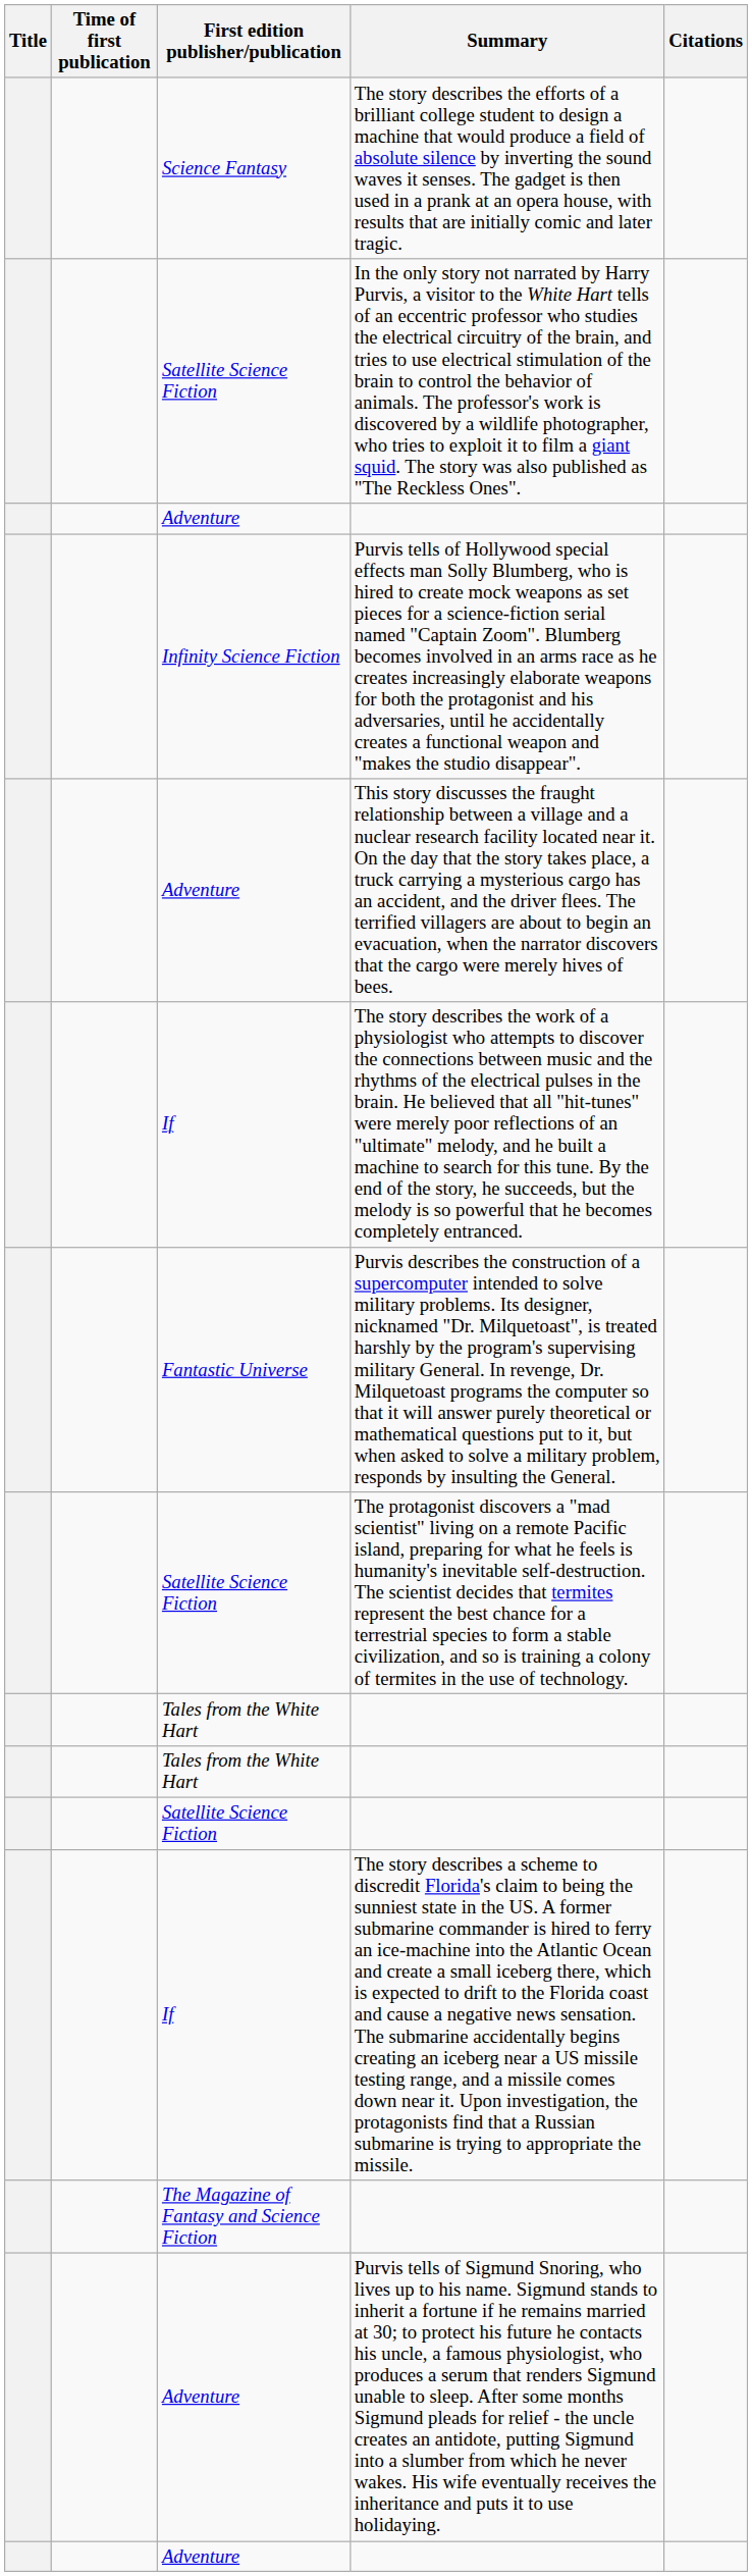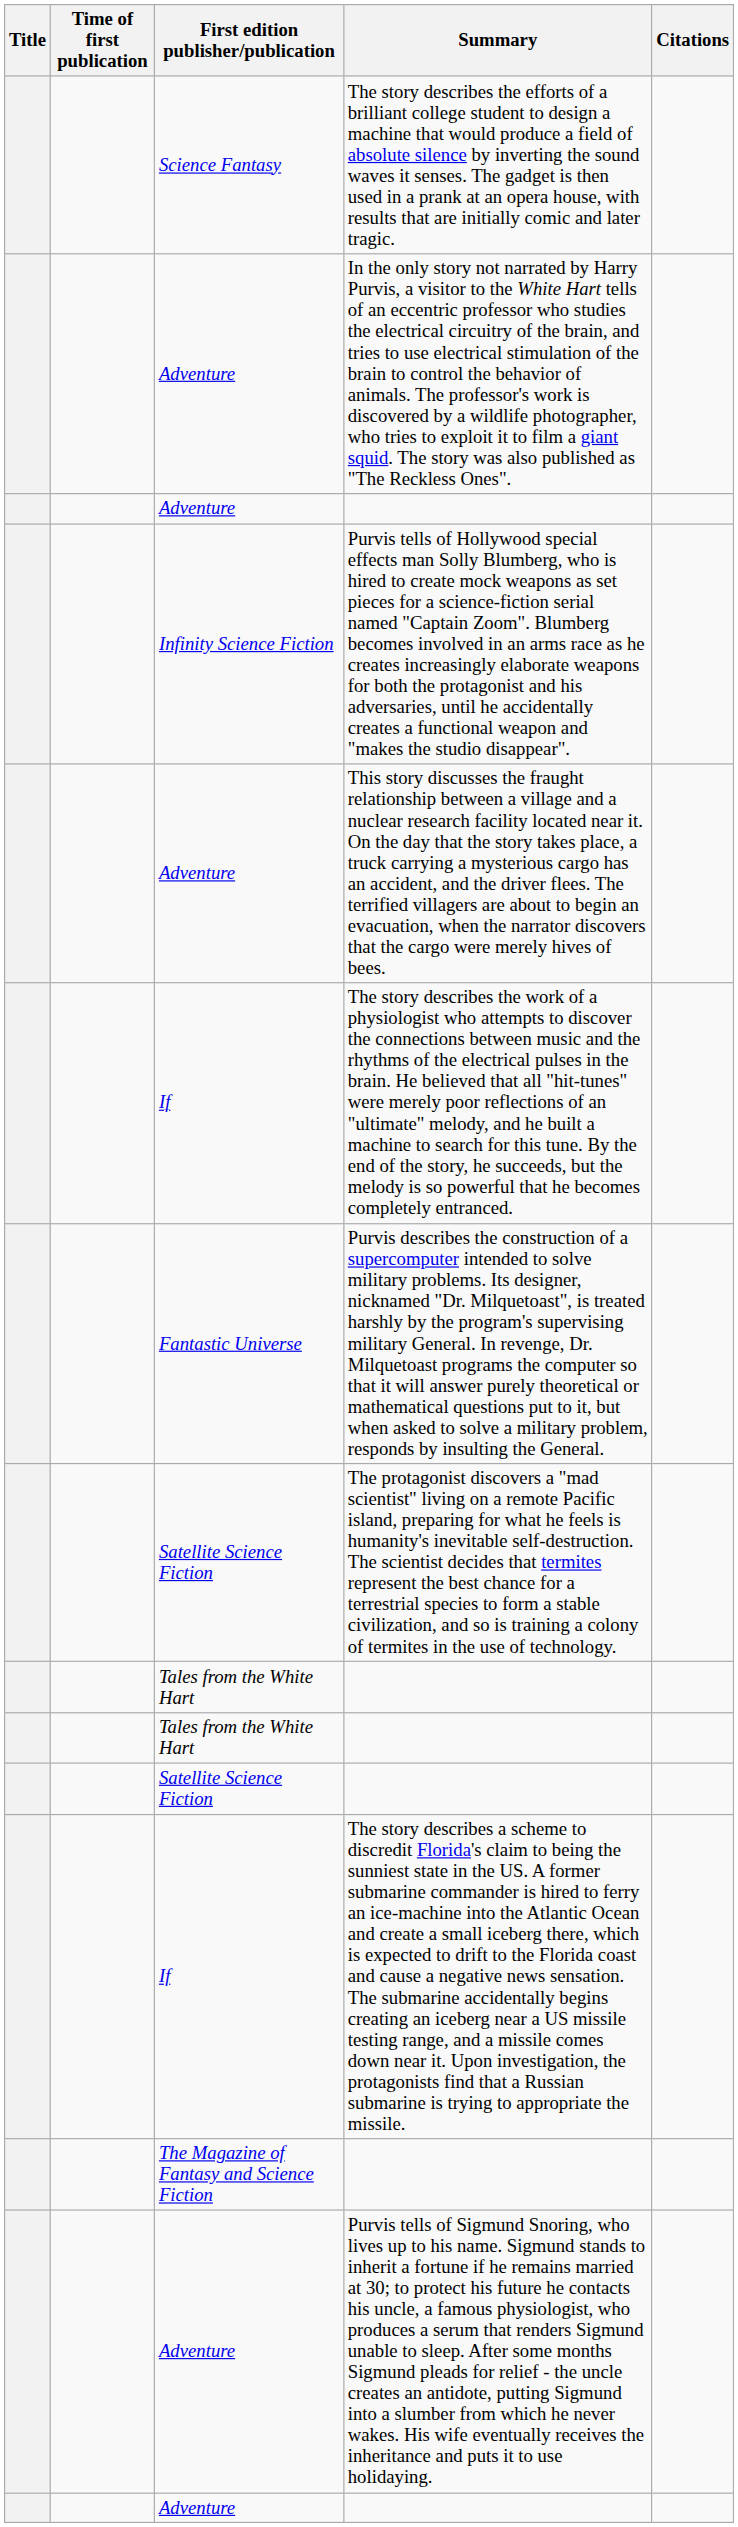 <table class="wikitable sortable plainrowheaders" style="margin-right: 0;">
 <tr>
 <th scope="col">Title</th>
 <th scope="col">Time of first publication</th>
 <th scope="col" class="unsortable">First edition publisher/publication</th>
 <th scope="col" class="unsortable">Summary</th>
 <th scope="col" class="unsortable">Citations</th>
 </tr>
 <tr>
 <th scope="row"></th>
 <td></td>
 <td><em><a href='#'>Science Fantasy</a></em></td>
 <td>The story describes the efforts of a brilliant college student to design a machine that would produce a field of <a href='#'>absolute silence</a> by inverting the sound waves it senses. The gadget is then used in a prank at an opera house, with results that are initially comic and later tragic.</td>
 <td></td>
 </tr>
 <tr>
 <th scope="row"></th>
 <td></td>
-<td><em><a href='#'>Satellite Science Fiction</a></em></td>
+<td><em><a href='#'>Adventure</a></em></td>
 <td>In the only story not narrated by Harry Purvis, a visitor to the <em>White Hart</em> tells of an eccentric professor who studies the electrical circuitry of the brain, and tries to use electrical stimulation of the brain to control the behavior of animals. The professor's work is discovered by a wildlife photographer, who tries to exploit it to film a <a href='#'>giant squid</a>. The story was also published as "The Reckless Ones".</td>
 <td></td>
 </tr>
 <tr>
 <th scope="row"></th>
 <td></td>
 <td><em><a href='#'>Adventure</a></em></td>
 <td></td>
 <td></td>
 </tr>
 <tr>
 <th scope="row"></th>
 <td></td>
 <td><em><a href='#'>Infinity Science Fiction</a></em></td>
 <td>Purvis tells of Hollywood special effects man Solly Blumberg, who is hired to create mock weapons as set pieces for a science-fiction serial named "Captain Zoom". Blumberg becomes involved in an arms race as he creates increasingly elaborate weapons for both the protagonist and his adversaries, until he accidentally creates a functional weapon and "makes the studio disappear".</td>
 <td></td>
 </tr>
 <tr>
 <th scope="row"></th>
 <td></td>
 <td><em><a href='#'>Adventure</a></em></td>
 <td>This story discusses the fraught relationship between a village and a nuclear research facility located near it. On the day that the story takes place, a truck carrying a mysterious cargo has an accident, and the driver flees. The terrified villagers are about to begin an evacuation, when the narrator discovers that the cargo were merely hives of bees.</td>
 <td></td>
 </tr>
 <tr>
 <th scope="row"></th>
 <td></td>
 <td><em><a href='#'>If</a></em></td>
 <td>The story describes the work of a physiologist who attempts to discover the connections between music and the rhythms of the electrical pulses in the brain. He believed that all "hit-tunes" were merely poor reflections of an "ultimate" melody, and he built a machine to search for this tune. By the end of the story, he succeeds, but the melody is so powerful that he becomes completely entranced.</td>
 <td></td>
 </tr>
 <tr>
 <th scope="row"></th>
 <td></td>
 <td><em><a href='#'>Fantastic Universe</a></em></td>
 <td>Purvis describes the construction of a <a href='#'>supercomputer</a> intended to solve military problems. Its designer, nicknamed "Dr. Milquetoast", is treated harshly by the program's supervising military General. In revenge, Dr. Milquetoast programs the computer so that it will answer purely theoretical or mathematical questions put to it, but when asked to solve a military problem, responds by insulting the General.</td>
 <td></td>
 </tr>
 <tr>
 <th scope="row"></th>
 <td></td>
 <td><em><a href='#'>Satellite Science Fiction</a></em></td>
 <td>The protagonist discovers a "mad scientist" living on a remote Pacific island, preparing for what he feels is humanity's inevitable self-destruction. The scientist decides that <a href='#'>termites</a> represent the best chance for a terrestrial species to form a stable civilization, and so is training a colony of termites in the use of technology.</td>
 <td></td>
 </tr>
 <tr>
 <th scope="row"></th>
 <td></td>
 <td><em>Tales from the White Hart</em></td>
 <td></td>
 <td></td>
 </tr>
 <tr>
 <th scope="row"></th>
 <td></td>
 <td><em>Tales from the White Hart</em></td>
 <td></td>
 <td></td>
 </tr>
 <tr>
 <th scope="row"></th>
 <td></td>
 <td><em><a href='#'>Satellite Science Fiction</a></em></td>
 <td></td>
 <td></td>
 </tr>
 <tr>
 <th scope="row"></th>
 <td></td>
 <td><em><a href='#'>If</a></em></td>
 <td>The story describes a scheme to discredit <a href='#'>Florida</a>'s claim to being the sunniest state in the US. A former submarine commander is hired to ferry an ice-machine into the Atlantic Ocean and create a small iceberg there, which is expected to drift to the Florida coast and cause a negative news sensation. The submarine accidentally begins creating an iceberg near a US missile testing range, and a missile comes down near it. Upon investigation, the protagonists find that a Russian submarine is trying to appropriate the missile.</td>
 <td></td>
 </tr>
 <tr>
 <th scope="row"></th>
 <td></td>
 <td><em><a href='#'>The Magazine of Fantasy and Science Fiction</a></em></td>
 <td></td>
 <td></td>
 </tr>
 <tr>
 <th scope="row"></th>
 <td></td>
 <td><em><a href='#'>Adventure</a></em></td>
 <td>Purvis tells of Sigmund Snoring, who lives up to his name. Sigmund stands to inherit a fortune if he remains married at 30; to protect his future he contacts his uncle, a famous physiologist, who produces a serum that renders Sigmund unable to sleep. After some months Sigmund pleads for relief - the uncle creates an antidote, putting Sigmund into a slumber from which he never wakes. His wife eventually receives the inheritance and puts it to use holidaying.</td>
 <td></td>
 </tr>
 <tr>
 <th scope="row"></th>
 <td></td>
 <td><em><a href='#'>Adventure</a></em></td>
 <td></td>
 <td></td>
 </tr>
 </table>
